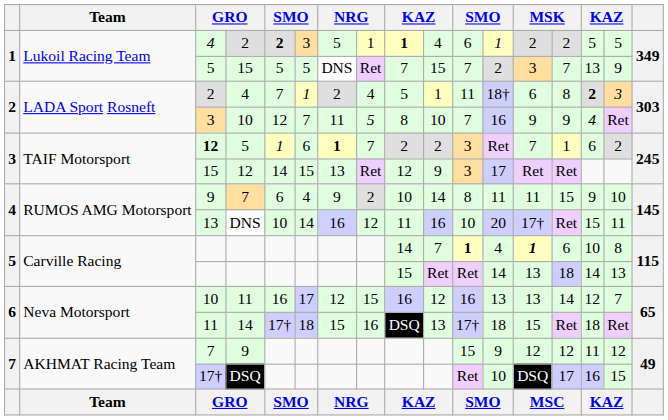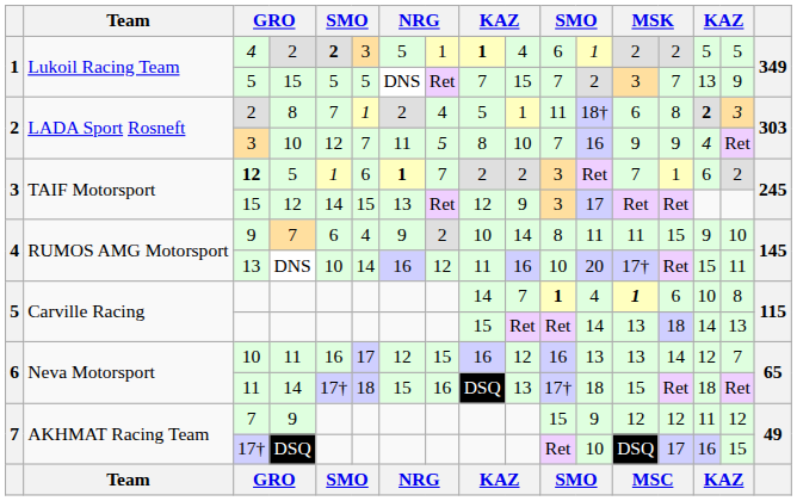 <table align=left| class="wikitable" style="font-size: 90%; text-align: center">
 <tr valign="top">
 <th valign="middle"></th>
 <th valign="middle">Team</th>
 <th colspan=2><a href='#'>GRO</a></th>
 <th colspan=2><a href='#'>SMO</a></th>
 <th colspan=2><a href='#'>NRG</a></th>
 <th colspan=2><a href='#'>KAZ</a></th>
 <th colspan=2><a href='#'>SMO</a></th>
 <th colspan=2><a href='#'>MSK</a></th>
 <th colspan=2><a href='#'>KAZ</a></th>
 <th valign="middle"></th>
 </tr>
 <tr>
 <th rowspan="2">1</th>
 <td rowspan="2" align=left><a href='#'>Lukoil Racing Team</a></td>
 <td style="background:#dfffdf;"><em>4</em></td>
 <td style="background:#dfdfdf;">2</td>
 <td style="background:#dfdfdf;"><strong>2</strong></td>
 <td style="background:#ffdf9f;">3</td>
 <td style="background:#dfffdf;">5</td>
 <td style="background:#ffffbf;">1</td>
 <td style="background:#ffffbf;"><strong>1</strong></td>
 <td style="background:#dfffdf;">4</td>
 <td style="background:#dfffdf;">6</td>
 <td style="background:#ffffbf;"><em>1</em></td>
 <td style="background:#dfdfdf;">2</td>
 <td style="background:#dfdfdf;">2</td>
 <td style="background:#dfffdf;">5</td>
 <td style="background:#dfffdf;">5</td>
 <th rowspan="2">349</th>
 </tr>
 <tr>
 <td style="background:#dfffdf;">5</td>
 <td style="background:#dfffdf;">15</td>
 <td style="background:#dfffdf;">5</td>
 <td style="background:#dfffdf;">5</td>
 <td style="background:#ffffff;">DNS</td>
 <td style="background:#efcfff;">Ret</td>
 <td style="background:#dfffdf;">7</td>
 <td style="background:#dfffdf;">15</td>
 <td style="background:#dfffdf;">7</td>
 <td style="background:#dfdfdf;">2</td>
 <td style="background:#ffdf9f;">3</td>
 <td style="background:#dfffdf;">7</td>
 <td style="background:#dfffdf;">13</td>
 <td style="background:#dfffdf;">9</td>
 </tr>
 <tr>
 <th rowspan="2">2</th>
 <td rowspan="2" align=left><a href='#'>LADA Sport</a> <a href='#'>Rosneft</a></td>
 <td style="background:#dfdfdf;">2</td>
-<td style="background:#dfffdf;">4</td>
+<td style="background:#dfffdf;">8</td>
 <td style="background:#dfffdf;">7</td>
 <td style="background:#ffffbf;"><em>1</em></td>
 <td style="background:#dfdfdf;">2</td>
 <td style="background:#dfffdf;">4</td>
 <td style="background:#dfffdf;">5</td>
 <td style="background:#ffffbf;">1</td>
 <td style="background:#dfffdf;">11</td>
 <td style="background:#cfcfff;">18†</td>
 <td style="background:#dfffdf;">6</td>
 <td style="background:#dfffdf;">8</td>
 <td style="background:#dfdfdf;"><strong>2</strong></td>
 <td style="background:#ffdf9f;"><em>3</em></td>
 <th rowspan="2">303</th>
 </tr>
 <tr>
 <td style="background:#ffdf9f;">3</td>
 <td style="background:#dfffdf;">10</td>
 <td style="background:#dfffdf;">12</td>
 <td style="background:#dfffdf;">7</td>
 <td style="background:#dfffdf;">11</td>
 <td style="background:#dfffdf;"><em>5</em></td>
 <td style="background:#dfffdf;">8</td>
 <td style="background:#dfffdf;">10</td>
 <td style="background:#dfffdf;">7</td>
 <td style="background:#cfcfff;">16</td>
 <td style="background:#dfffdf;">9</td>
 <td style="background:#dfffdf;">9</td>
 <td style="background:#dfffdf;"><em>4</em></td>
 <td style="background:#efcfff;">Ret</td>
 </tr>
 <tr>
 <th rowspan="2">3</th>
 <td rowspan="2" align=left>TAIF Motorsport</td>
 <td style="background:#dfffdf;"><strong>12</strong></td>
 <td style="background:#dfffdf;">5</td>
 <td style="background:#ffffbf;"><em>1</em></td>
 <td style="background:#dfffdf;">6</td>
 <td style="background:#ffffbf;"><strong>1</strong></td>
 <td style="background:#dfffdf;">7</td>
 <td style="background:#dfdfdf;">2</td>
 <td style="background:#dfdfdf;">2</td>
 <td style="background:#ffdf9f;">3</td>
 <td style="background:#efcfff;">Ret</td>
 <td style="background:#dfffdf;">7</td>
 <td style="background:#ffffbf;">1</td>
 <td style="background:#dfffdf;">6</td>
 <td style="background:#dfdfdf;">2</td>
 <th rowspan="2">245</th>
 </tr>
 <tr>
 <td style="background:#dfffdf;">15</td>
 <td style="background:#dfffdf;">12</td>
 <td style="background:#dfffdf;">14</td>
 <td style="background:#dfffdf;">15</td>
 <td style="background:#dfffdf;">13</td>
 <td style="background:#efcfff;">Ret</td>
 <td style="background:#dfffdf;">12</td>
 <td style="background:#dfffdf;">9</td>
 <td style="background:#ffdf9f;">3</td>
 <td style="background:#cfcfff;">17</td>
 <td style="background:#efcfff;">Ret</td>
 <td style="background:#efcfff;">Ret</td>
 <td></td>
 <td></td>
 </tr>
 <tr>
 <th rowspan="2">4</th>
 <td rowspan="2" align=left>RUMOS AMG Motorsport</td>
 <td style="background:#dfffdf;">9</td>
 <td style="background:#ffdf9f;">7</td>
 <td style="background:#dfffdf;">6</td>
 <td style="background:#dfffdf;">4</td>
 <td style="background:#dfffdf;">9</td>
 <td style="background:#dfdfdf;">2</td>
 <td style="background:#dfffdf;">10</td>
 <td style="background:#dfffdf;">14</td>
 <td style="background:#dfffdf;">8</td>
 <td style="background:#dfffdf;">11</td>
 <td style="background:#dfffdf;">11</td>
 <td style="background:#dfffdf;">15</td>
 <td style="background:#dfffdf;">9</td>
 <td style="background:#dfffdf;">10</td>
 <th rowspan="2">145</th>
 </tr>
 <tr>
 <td style="background:#dfffdf;">13</td>
 <td style="background:#ffffff;">DNS</td>
 <td style="background:#dfffdf;">10</td>
 <td style="background:#dfffdf;">14</td>
 <td style="background:#cfcfff;">16</td>
 <td style="background:#dfffdf;">12</td>
 <td style="background:#dfffdf;">11</td>
 <td style="background:#cfcfff;">16</td>
 <td style="background:#dfffdf;">10</td>
 <td style="background:#cfcfff;">20</td>
 <td style="background:#cfcfff;">17†</td>
 <td style="background:#efcfff;">Ret</td>
 <td style="background:#dfffdf;">15</td>
 <td style="background:#dfffdf;">11</td>
 </tr>
 <tr>
 <th rowspan="2">5</th>
 <td rowspan="2" align=left>Carville Racing</td>
 <td></td>
 <td></td>
 <td></td>
 <td></td>
 <td></td>
 <td></td>
 <td style="background:#dfffdf;">14</td>
 <td style="background:#dfffdf;">7</td>
 <td style="background:#ffffbf;"><strong>1</strong></td>
 <td style="background:#dfffdf;">4</td>
 <td style="background:#ffffbf;"><strong><em>1</em></strong></td>
 <td style="background:#dfffdf;">6</td>
 <td style="background:#dfffdf;">10</td>
 <td style="background:#dfffdf;">8</td>
 <th rowspan="2">115</th>
 </tr>
 <tr>
 <td></td>
 <td></td>
 <td></td>
 <td></td>
 <td></td>
 <td></td>
 <td style="background:#dfffdf;">15</td>
 <td style="background:#efcfff;">Ret</td>
 <td style="background:#efcfff;">Ret</td>
 <td style="background:#dfffdf;">14</td>
 <td style="background:#dfffdf;">13</td>
 <td style="background:#cfcfff;">18</td>
 <td style="background:#dfffdf;">14</td>
 <td style="background:#dfffdf;">13</td>
 </tr>
 <tr>
 <th rowspan="2">6</th>
 <td rowspan="2" align=left>Neva Motorsport</td>
 <td style="background:#dfffdf;">10</td>
 <td style="background:#dfffdf;">11</td>
 <td style="background:#dfffdf;">16</td>
 <td style="background:#cfcfff;">17</td>
 <td style="background:#dfffdf;">12</td>
 <td style="background:#dfffdf;">15</td>
 <td style="background:#cfcfff;">16</td>
 <td style="background:#dfffdf;">12</td>
 <td style="background:#cfcfff;">16</td>
 <td style="background:#dfffdf;">13</td>
 <td style="background:#dfffdf;">13</td>
 <td style="background:#dfffdf;">14</td>
 <td style="background:#dfffdf;">12</td>
 <td style="background:#dfffdf;">7</td>
 <th rowspan="2">65</th>
 </tr>
 <tr>
 <td style="background:#dfffdf;">11</td>
 <td style="background:#dfffdf;">14</td>
 <td style="background:#cfcfff;">17†</td>
 <td style="background:#cfcfff;">18</td>
 <td style="background:#dfffdf;">15</td>
 <td style="background:#dfffdf;">16</td>
 <td style="background:black; color:white;">DSQ</td>
 <td style="background:#dfffdf;">13</td>
 <td style="background:#cfcfff;">17†</td>
 <td style="background:#dfffdf;">18</td>
 <td style="background:#dfffdf;">15</td>
 <td style="background:#efcfff;">Ret</td>
 <td style="background:#dfffdf;">18</td>
 <td style="background:#efcfff;">Ret</td>
 </tr>
 <tr>
 <th rowspan="2">7</th>
 <td rowspan="2" align=left>AKHMAT Racing Team</td>
 <td style="background:#dfffdf;">7</td>
 <td style="background:#dfffdf;">9</td>
 <td></td>
 <td></td>
 <td></td>
 <td></td>
 <td></td>
 <td></td>
 <td style="background:#dfffdf;">15</td>
 <td style="background:#dfffdf;">9</td>
 <td style="background:#dfffdf;">12</td>
 <td style="background:#dfffdf;">12</td>
 <td style="background:#dfffdf;">11</td>
 <td style="background:#dfffdf;">12</td>
 <th rowspan="2">49</th>
 </tr>
 <tr>
 <td style="background:#cfcfff;">17†</td>
 <td style="background:black; color:white;">DSQ</td>
 <td></td>
 <td></td>
 <td></td>
 <td></td>
 <td></td>
 <td></td>
 <td style="background:#efcfff;">Ret</td>
 <td style="background:#dfffdf;">10</td>
 <td style="background:black; color:white;">DSQ</td>
 <td style="background:#cfcfff;">17</td>
 <td style="background:#cfcfff;">16</td>
 <td style="background:#dfffdf;">15</td>
 </tr>
 <tr valign="top">
 <th valign="middle"></th>
 <th valign="middle">Team</th>
 <th colspan=2><a href='#'>GRO</a></th>
 <th colspan=2><a href='#'>SMO</a></th>
 <th colspan=2><a href='#'>NRG</a></th>
 <th colspan=2><a href='#'>KAZ</a></th>
 <th colspan=2><a href='#'>SMO</a></th>
 <th colspan=2><a href='#'>MSC</a></th>
 <th colspan=2><a href='#'>KAZ</a></th>
 <th valign="middle"></th>
 </tr>
 </table>
